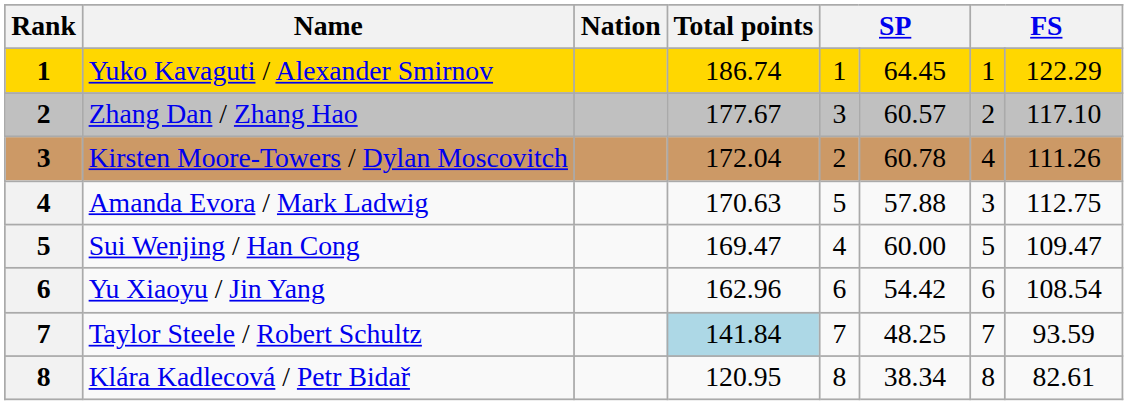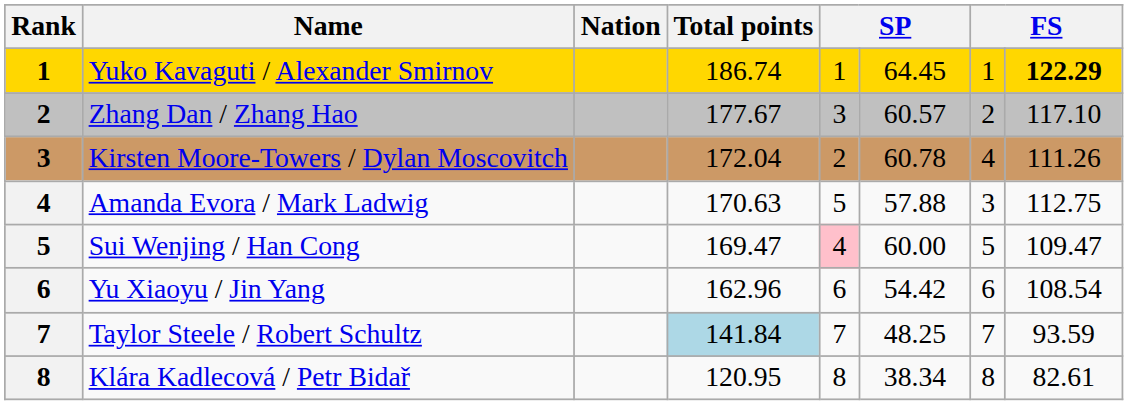 <table class="wikitable sortable">
 <tr>
 <th>Rank</th>
 <th>Name</th>
 <th>Nation</th>
 <th>Total points</th>
 <th colspan="2" width="80px"><a href='#'>SP</a></th>
 <th colspan="2" width="80px"><a href='#'>FS</a></th>
 </tr>
 <tr bgcolor="gold">
 <td align="center"><strong>1</strong></td>
 <td><a href='#'>Yuko Kavaguti</a> / <a href='#'>Alexander Smirnov</a></td>
 <td></td>
 <td align="center">186.74</td>
 <td align="center">1</td>
 <td align="center">64.45</td>
 <td align="center">1</td>
-<td align="center">122.29</td>
+<td align="center"><strong>122.29</strong></td>
 </tr>
 <tr bgcolor="silver">
 <td align="center"><strong>2</strong></td>
 <td><a href='#'>Zhang Dan</a> / <a href='#'>Zhang Hao</a></td>
 <td></td>
 <td align="center">177.67</td>
 <td align="center">3</td>
 <td align="center">60.57</td>
 <td align="center">2</td>
 <td align="center">117.10</td>
 </tr>
 <tr bgcolor="cc9966">
 <td align="center"><strong>3</strong></td>
 <td><a href='#'>Kirsten Moore-Towers</a> / <a href='#'>Dylan Moscovitch</a></td>
 <td></td>
 <td align="center">172.04</td>
 <td align="center">2</td>
 <td align="center">60.78</td>
 <td align="center">4</td>
 <td align="center">111.26</td>
 </tr>
 <tr>
 <th>4</th>
 <td><a href='#'>Amanda Evora</a> / <a href='#'>Mark Ladwig</a></td>
 <td></td>
 <td align="center">170.63</td>
 <td align="center">5</td>
 <td align="center">57.88</td>
 <td align="center">3</td>
 <td align="center">112.75</td>
 </tr>
 <tr>
 <th>5</th>
 <td><a href='#'>Sui Wenjing</a> / <a href='#'>Han Cong</a></td>
 <td></td>
 <td align="center">169.47</td>
-<td align="center">4</td>
+<td align="center" style="background: pink;">4</td>
 <td align="center">60.00</td>
 <td align="center">5</td>
 <td align="center">109.47</td>
 </tr>
 <tr>
 <th>6</th>
 <td><a href='#'>Yu Xiaoyu</a> / <a href='#'>Jin Yang</a></td>
 <td></td>
 <td align="center">162.96</td>
 <td align="center">6</td>
 <td align="center">54.42</td>
 <td align="center">6</td>
 <td align="center">108.54</td>
 </tr>
 <tr>
 <th>7</th>
 <td><a href='#'>Taylor Steele</a> / <a href='#'>Robert Schultz</a></td>
 <td></td>
 <td align="center" style="background: lightblue;">141.84</td>
 <td align="center">7</td>
 <td align="center">48.25</td>
 <td align="center">7</td>
 <td align="center">93.59</td>
 </tr>
 <tr>
 <th>8</th>
 <td><a href='#'>Klára Kadlecová</a> / <a href='#'>Petr Bidař</a></td>
 <td></td>
 <td align="center">120.95</td>
 <td align="center">8</td>
 <td align="center">38.34</td>
 <td align="center">8</td>
 <td align="center">82.61</td>
 </tr>
 </table>
